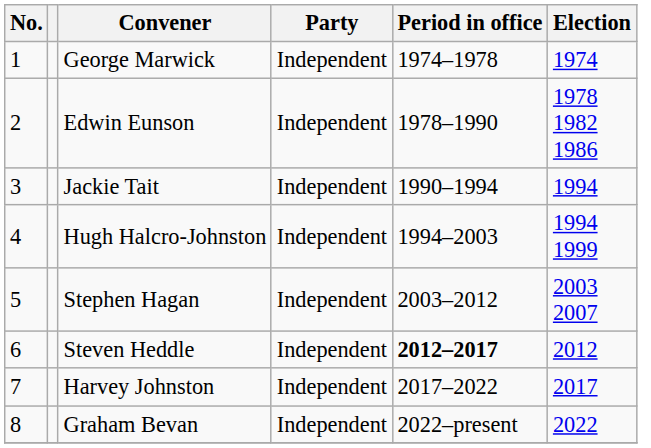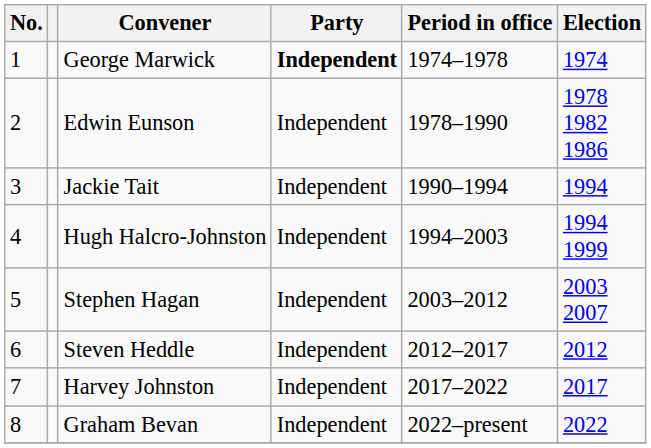 <table class="wikitable" style="font-size:95%;">
 <tr>
 <th>No.</th>
 <th></th>
 <th>Convener</th>
 <th>Party</th>
 <th>Period in office</th>
 <th>Election</th>
 </tr>
 <tr>
 <td>1</td>
 <td style="background-color:"></td>
 <td>George Marwick</td>
-<td>Independent</td>
+<td><strong>Independent</strong></td>
 <td>1974–1978</td>
 <td><a href='#'>1974</a></td>
 </tr>
 <tr>
 <td>2</td>
 <td style="background-color:"></td>
 <td>Edwin Eunson</td>
 <td>Independent</td>
 <td>1978–1990</td>
 <td><a href='#'>1978</a> <br> <a href='#'>1982</a> <br> <a href='#'>1986</a></td>
 </tr>
 <tr>
 <td>3</td>
 <td style="background-color:"></td>
 <td>Jackie Tait</td>
 <td>Independent</td>
 <td>1990–1994</td>
 <td><a href='#'>1994</a></td>
 </tr>
 <tr>
 <td>4</td>
 <td style="background-color:"></td>
 <td>Hugh Halcro-Johnston</td>
 <td>Independent</td>
 <td>1994–2003</td>
 <td><a href='#'>1994</a> <br> <a href='#'>1999</a></td>
 </tr>
 <tr>
 <td>5</td>
 <td style="background-color:"></td>
 <td>Stephen Hagan</td>
 <td>Independent</td>
 <td>2003–2012</td>
 <td><a href='#'>2003</a> <br> <a href='#'>2007</a></td>
 </tr>
 <tr>
 <td>6</td>
 <td style="background-color:"></td>
 <td>Steven Heddle</td>
 <td>Independent</td>
-<td><strong>2012–2017</strong></td>
+<td>2012–2017</td>
 <td><a href='#'>2012</a></td>
 </tr>
 <tr>
 <td>7</td>
 <td style="background-color:"></td>
 <td>Harvey Johnston</td>
 <td>Independent</td>
 <td>2017–2022</td>
 <td><a href='#'>2017</a></td>
 </tr>
 <tr>
 <td>8</td>
 <td style="background-color:"></td>
 <td>Graham Bevan</td>
 <td>Independent</td>
 <td>2022–present</td>
 <td><a href='#'>2022</a></td>
 </tr>
 <tr>
 </tr>
 </table>
